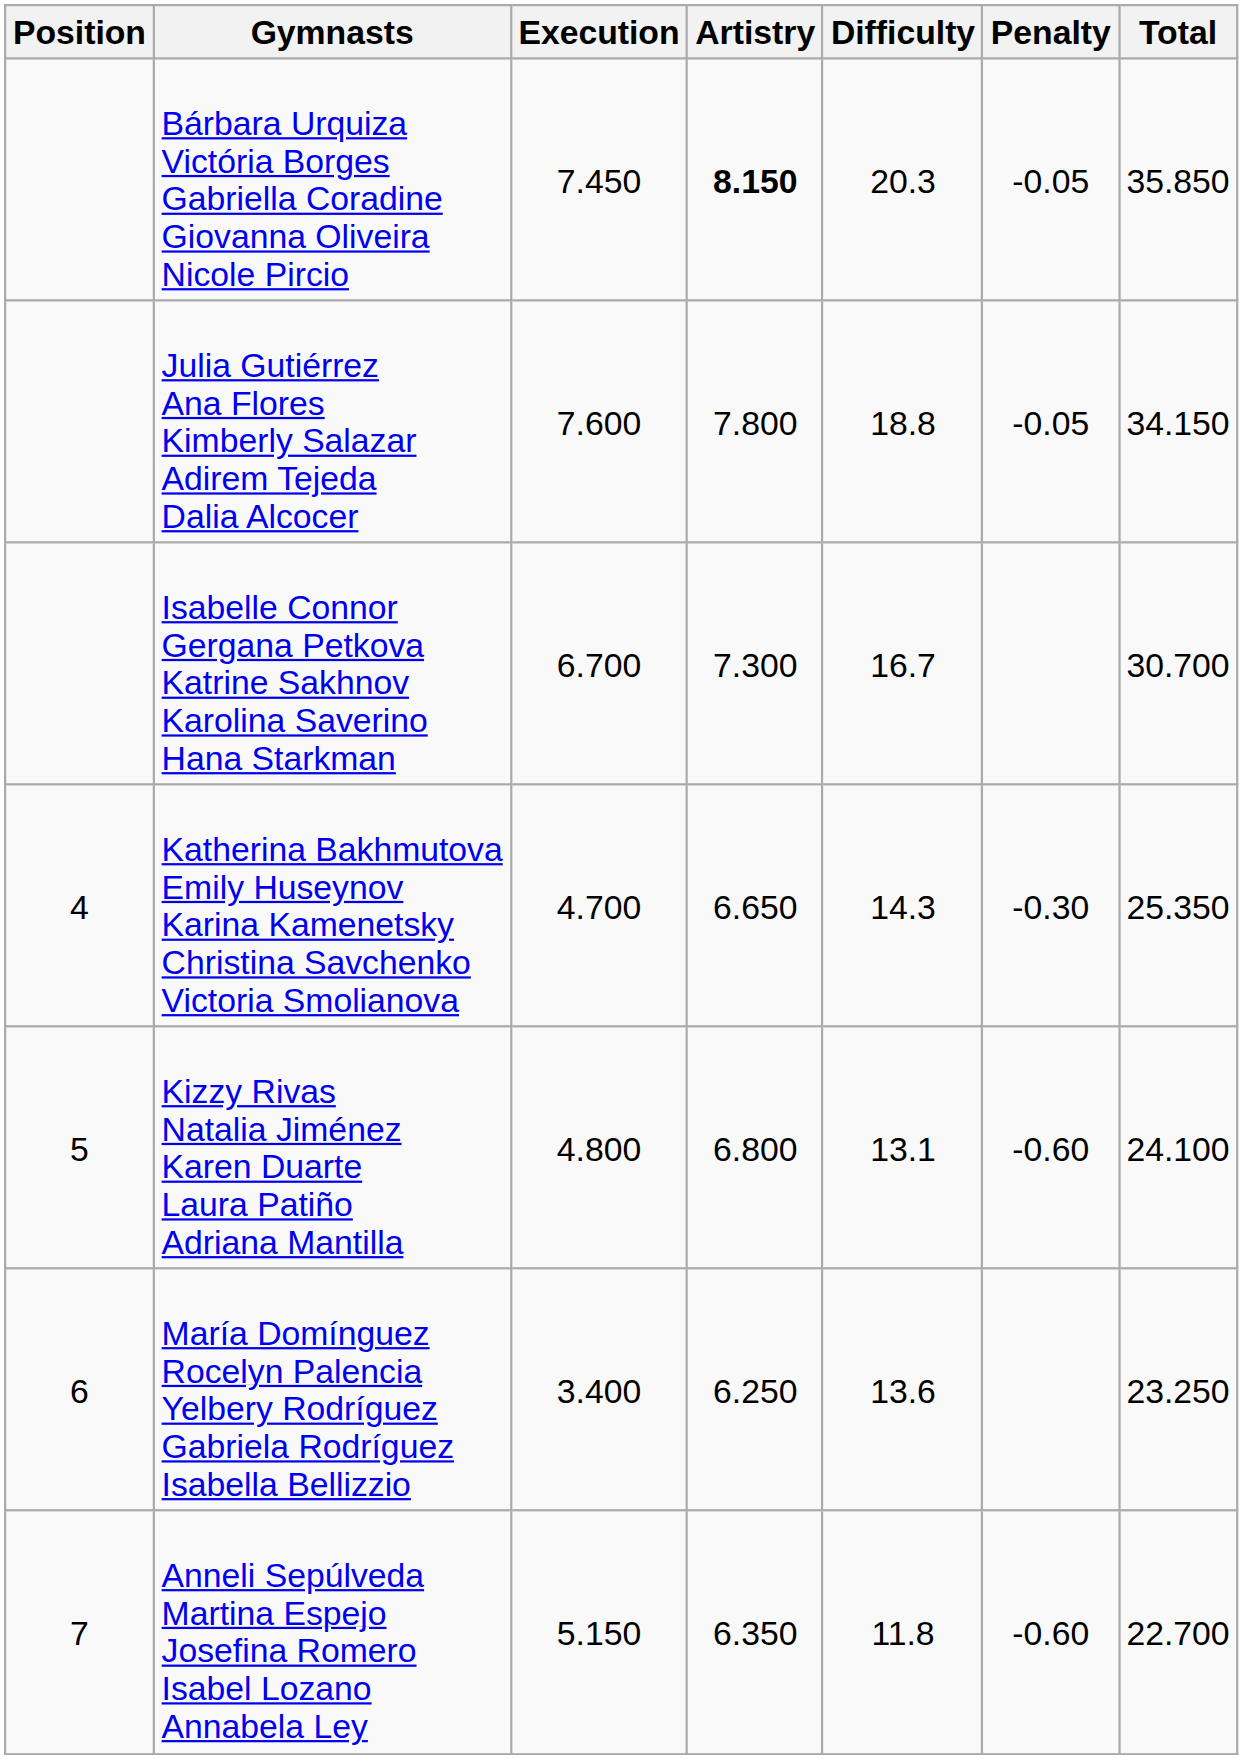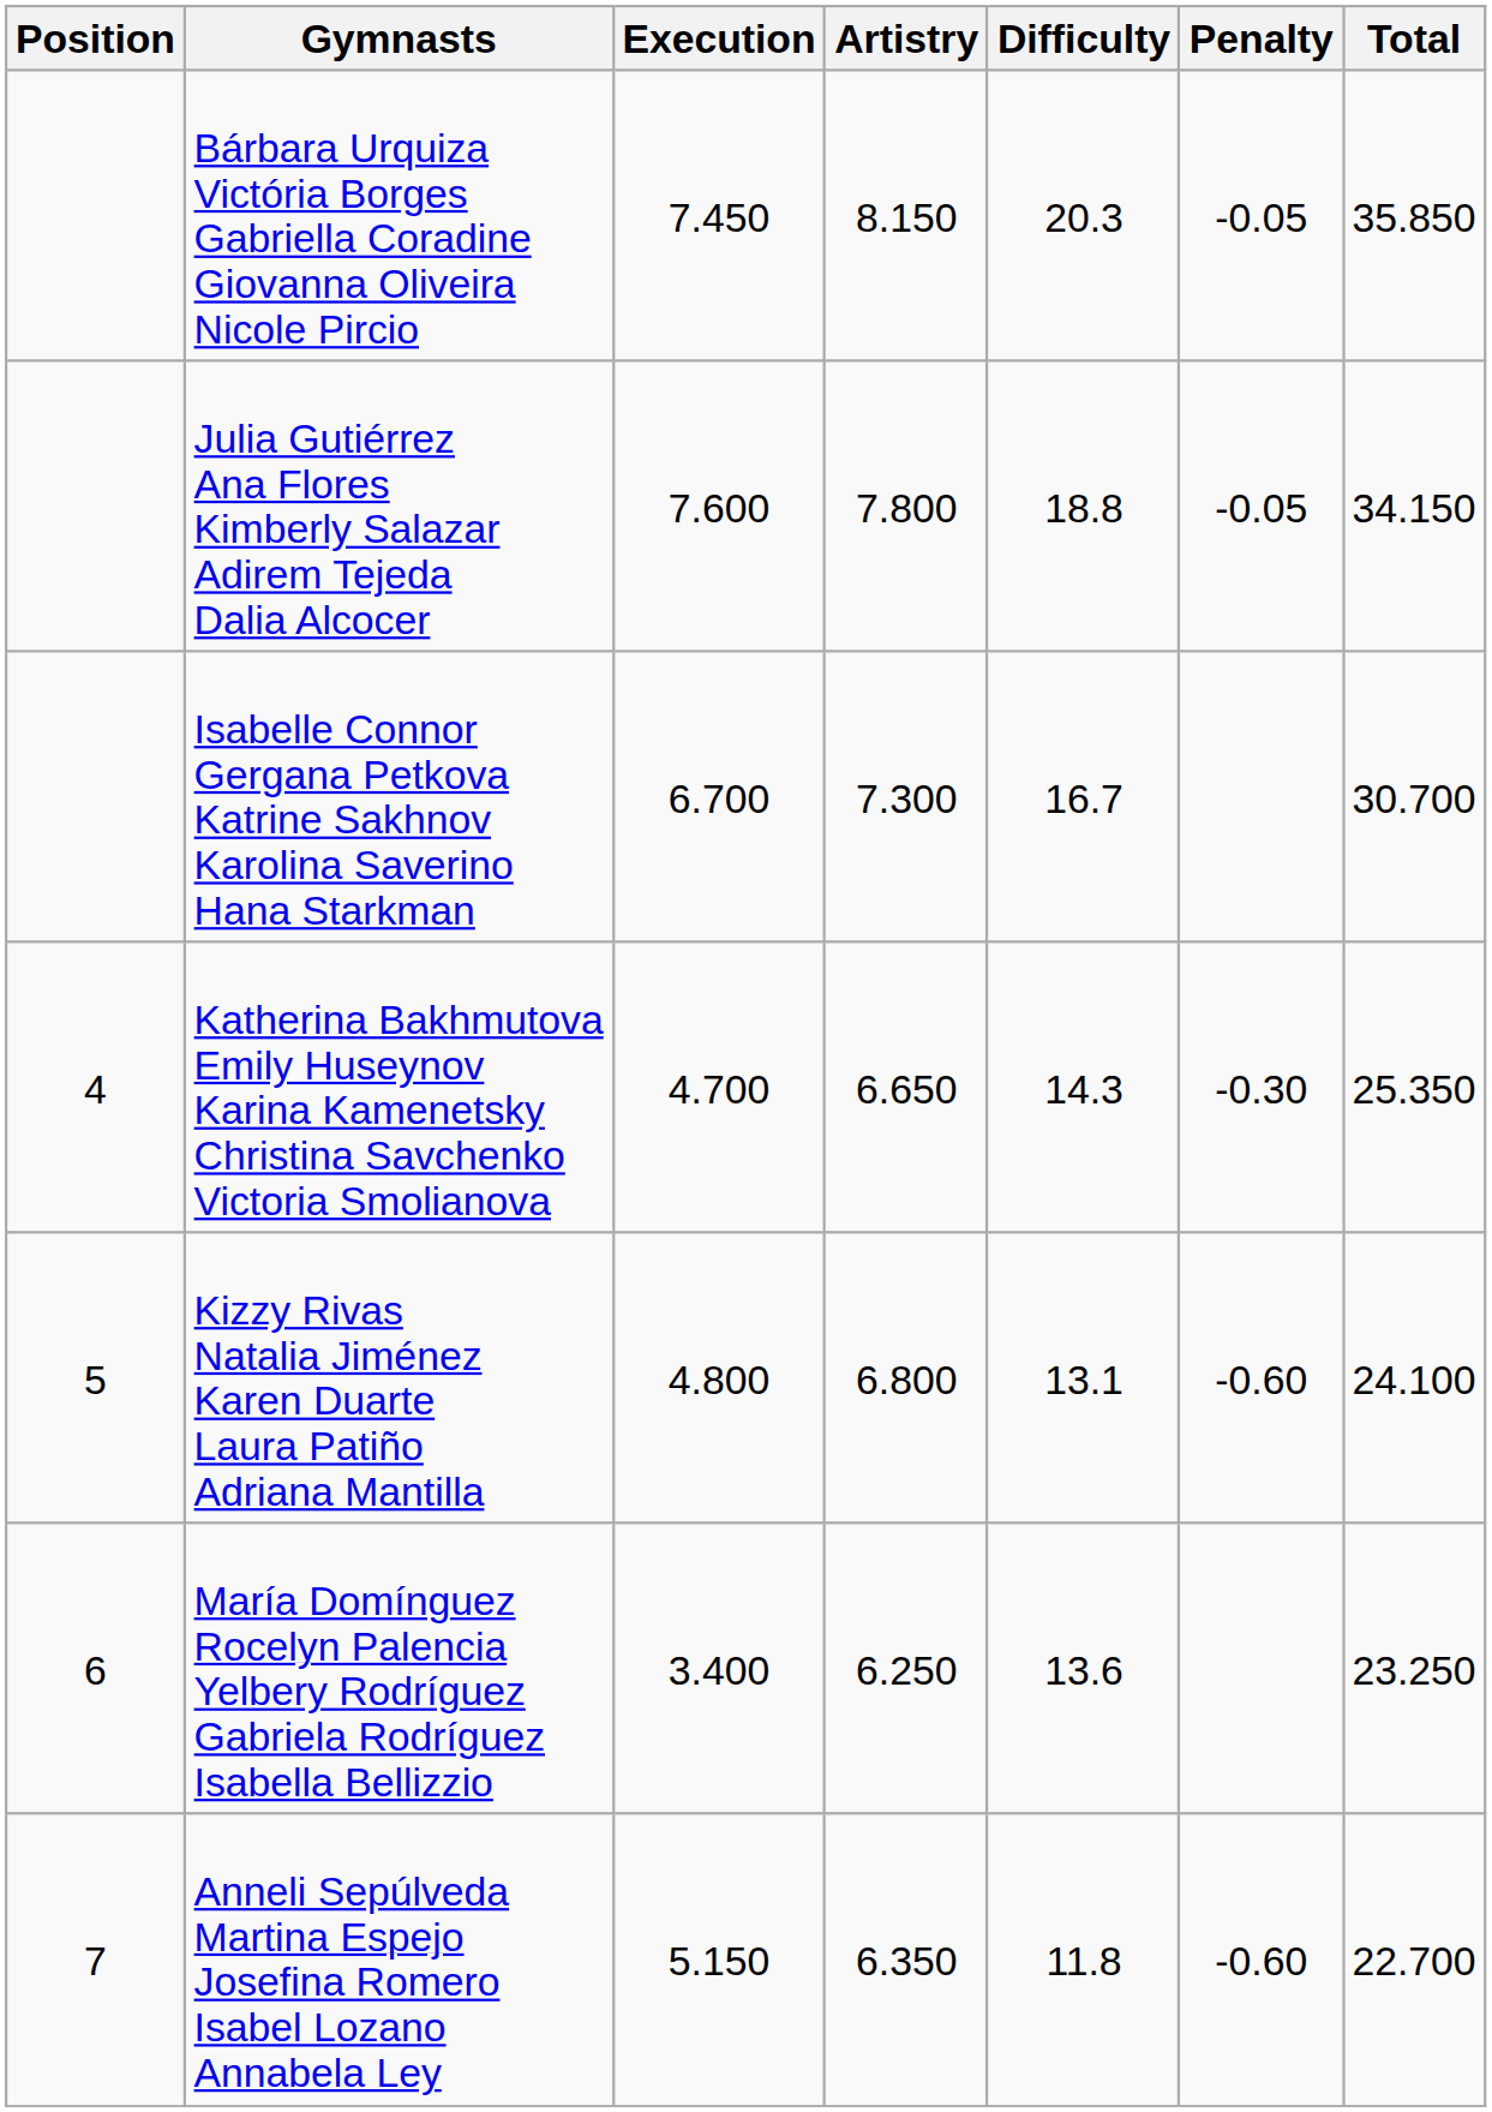 <table class="wikitable sortable" style="text-align:center; font-size:95%">
 <tr>
 <th>Position</th>
 <th>Gymnasts</th>
 <th>Execution</th>
 <th>Artistry</th>
 <th>Difficulty</th>
 <th>Penalty</th>
 <th>Total</th>
 </tr>
 <tr>
 <td></td>
 <td align="left"><br><a href='#'>Bárbara Urquiza</a><br><a href='#'>Victória Borges</a><br><a href='#'>Gabriella Coradine</a><br><a href='#'>Giovanna Oliveira</a><br><a href='#'>Nicole Pircio</a></td>
 <td>7.450</td>
-<td><strong>8.150</strong></td>
+<td>8.150</td>
 <td>20.3</td>
 <td>-0.05</td>
 <td>35.850</td>
 </tr>
 <tr>
 <td></td>
 <td align="left"><br><a href='#'>Julia Gutiérrez</a><br><a href='#'>Ana Flores</a><br><a href='#'>Kimberly Salazar</a><br><a href='#'>Adirem Tejeda</a><br><a href='#'>Dalia Alcocer</a></td>
 <td>7.600</td>
 <td>7.800</td>
 <td>18.8</td>
 <td>-0.05</td>
 <td>34.150</td>
 </tr>
 <tr>
 <td></td>
 <td align="left"><br><a href='#'>Isabelle Connor</a><br><a href='#'>Gergana Petkova</a><br><a href='#'>Katrine Sakhnov</a><br><a href='#'>Karolina Saverino</a><br><a href='#'>Hana Starkman</a></td>
 <td>6.700</td>
 <td>7.300</td>
 <td>16.7</td>
 <td></td>
 <td>30.700</td>
 </tr>
 <tr>
 <td>4</td>
 <td align="left"><br><a href='#'>Katherina Bakhmutova</a><br><a href='#'>Emily Huseynov</a><br><a href='#'>Karina Kamenetsky</a><br><a href='#'>Christina Savchenko</a><br><a href='#'>Victoria Smolianova</a></td>
 <td>4.700</td>
 <td>6.650</td>
 <td>14.3</td>
 <td>-0.30</td>
 <td>25.350</td>
 </tr>
 <tr>
 <td>5</td>
 <td align="left"><br><a href='#'>Kizzy Rivas</a><br><a href='#'>Natalia Jiménez</a><br><a href='#'>Karen Duarte</a><br><a href='#'>Laura Patiño</a><br><a href='#'>Adriana Mantilla</a></td>
 <td>4.800</td>
 <td>6.800</td>
 <td>13.1</td>
 <td>-0.60</td>
 <td>24.100</td>
 </tr>
 <tr>
 <td>6</td>
 <td align="left"><br><a href='#'>María Domínguez</a><br><a href='#'>Rocelyn Palencia</a><br><a href='#'>Yelbery Rodríguez</a><br><a href='#'>Gabriela Rodríguez</a><br><a href='#'>Isabella Bellizzio</a></td>
 <td>3.400</td>
 <td>6.250</td>
 <td>13.6</td>
 <td></td>
 <td>23.250</td>
 </tr>
 <tr>
 <td>7</td>
 <td align="left"><br><a href='#'>Anneli Sepúlveda</a><br><a href='#'>Martina Espejo</a><br><a href='#'>Josefina Romero</a><br><a href='#'>Isabel Lozano</a><br><a href='#'>Annabela Ley</a></td>
 <td>5.150</td>
 <td>6.350</td>
 <td>11.8</td>
 <td>-0.60</td>
 <td>22.700</td>
 </tr>
 <tr>
 </tr>
 </table>
